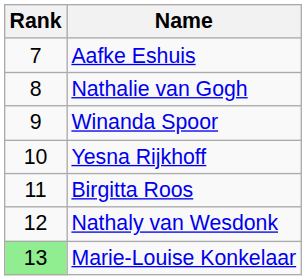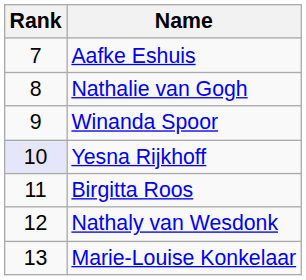 <table class="wikitable sortable" style="text-align:center">
 <tr>
 <th>Rank</th>
 <th>Name</th>
 </tr>
 <tr>
 <td>7</td>
 <td align=left><a href='#'>Aafke Eshuis</a></td>
 </tr>
 <tr>
 <td>8</td>
 <td align=left><a href='#'>Nathalie van Gogh</a></td>
 </tr>
 <tr>
 <td>9</td>
 <td align=left><a href='#'>Winanda Spoor</a></td>
 </tr>
 <tr>
-<td>10</td>
+<td style="background: lavender;">10</td>
 <td align=left><a href='#'>Yesna Rijkhoff</a></td>
 </tr>
 <tr>
 <td>11</td>
 <td align=left><a href='#'>Birgitta Roos</a></td>
 </tr>
 <tr>
 <td>12</td>
 <td align=left><a href='#'>Nathaly van Wesdonk</a></td>
 </tr>
 <tr>
-<td style="background: lightgreen;">13</td>
+<td>13</td>
 <td align=left><a href='#'>Marie-Louise Konkelaar</a></td>
 </tr>
 </table>
